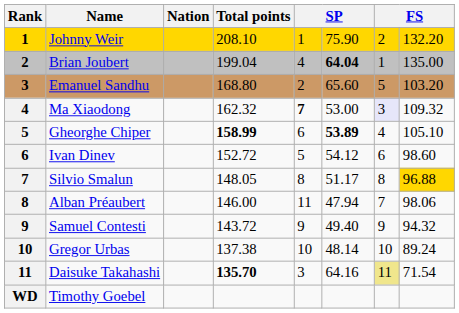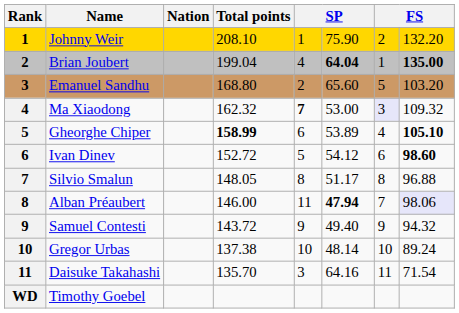 <table class="wikitable">
 <tr>
 <th>Rank</th>
 <th>Name</th>
 <th>Nation</th>
 <th>Total points</th>
 <th colspan="2" width="80px"><a href='#'>SP</a></th>
 <th colspan="2" width="80px"><a href='#'>FS</a></th>
 </tr>
 <tr bgcolor="gold">
 <td align="center"><strong>1</strong></td>
 <td><a href='#'>Johnny Weir</a></td>
 <td></td>
 <td>208.10</td>
 <td>1</td>
 <td>75.90</td>
 <td>2</td>
 <td>132.20</td>
 </tr>
 <tr bgcolor="silver">
 <td align="center"><strong>2</strong></td>
 <td><a href='#'>Brian Joubert</a></td>
 <td></td>
 <td>199.04</td>
 <td>4</td>
 <td><strong>64.04</strong></td>
 <td>1</td>
-<td>135.00</td>
+<td><strong>135.00</strong></td>
 </tr>
 <tr bgcolor="cc9966">
 <td align="center"><strong>3</strong></td>
 <td><a href='#'>Emanuel Sandhu</a></td>
 <td></td>
 <td>168.80</td>
 <td>2</td>
 <td>65.60</td>
 <td>5</td>
 <td>103.20</td>
 </tr>
 <tr>
 <th>4</th>
 <td><a href='#'>Ma Xiaodong</a></td>
 <td></td>
 <td>162.32</td>
 <td><strong>7</strong></td>
 <td>53.00</td>
 <td style="background: lavender;">3</td>
 <td>109.32</td>
 </tr>
 <tr>
 <th>5</th>
 <td><a href='#'>Gheorghe Chiper</a></td>
 <td></td>
 <td><strong>158.99</strong></td>
 <td>6</td>
-<td><strong>53.89</strong></td>
+<td>53.89</td>
 <td>4</td>
-<td>105.10</td>
+<td><strong>105.10</strong></td>
 </tr>
 <tr>
 <th>6</th>
 <td><a href='#'>Ivan Dinev</a></td>
 <td></td>
 <td>152.72</td>
 <td>5</td>
 <td>54.12</td>
 <td>6</td>
-<td>98.60</td>
+<td><strong>98.60</strong></td>
 </tr>
 <tr>
 <th>7</th>
 <td><a href='#'>Silvio Smalun</a></td>
 <td></td>
 <td>148.05</td>
 <td>8</td>
 <td>51.17</td>
 <td>8</td>
-<td style="background: gold;">96.88</td>
+<td>96.88</td>
 </tr>
 <tr>
 <th>8</th>
 <td><a href='#'>Alban Préaubert</a></td>
 <td></td>
 <td>146.00</td>
 <td>11</td>
-<td>47.94</td>
+<td><strong>47.94</strong></td>
 <td>7</td>
-<td>98.06</td>
+<td style="background: lavender;">98.06</td>
 </tr>
 <tr>
 <th>9</th>
 <td><a href='#'>Samuel Contesti</a></td>
 <td></td>
 <td>143.72</td>
 <td>9</td>
 <td>49.40</td>
 <td>9</td>
 <td>94.32</td>
 </tr>
 <tr>
 <th>10</th>
 <td><a href='#'>Gregor Urbas</a></td>
 <td></td>
 <td>137.38</td>
 <td>10</td>
 <td>48.14</td>
 <td>10</td>
 <td>89.24</td>
 </tr>
 <tr>
 <th>11</th>
 <td><a href='#'>Daisuke Takahashi</a></td>
 <td></td>
-<td><strong>135.70</strong></td>
+<td>135.70</td>
 <td>3</td>
 <td>64.16</td>
-<td style="background: khaki;">11</td>
+<td>11</td>
 <td>71.54</td>
 </tr>
 <tr>
 <th>WD</th>
 <td><a href='#'>Timothy Goebel</a></td>
 <td></td>
 <td></td>
 <td></td>
 <td></td>
 <td></td>
 <td></td>
 </tr>
 </table>
